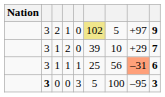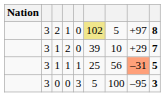 <table class="wikitable" style="text-align: center;">
 <tr>
 <th>Nation</th>
 <th></th>
 <th></th>
 <th></th>
 <th></th>
 <th></th>
 <th></th>
 <th></th>
 <th></th>
 </tr>
 <tr>
 <td align="left"></td>
 <td>3</td>
 <td>2</td>
 <td>1</td>
 <td>0</td>
 <td style="background: khaki;">102</td>
 <td>5</td>
 <td>+97</td>
-<td><strong>9</strong></td>
+<td><strong>8</strong></td>
 </tr>
 <tr>
 <td align="left"></td>
 <td>3</td>
 <td>1</td>
 <td>2</td>
 <td>0</td>
 <td>39</td>
 <td>10</td>
 <td>+29</td>
 <td><strong>7</strong></td>
 </tr>
 <tr>
 <td align="left"></td>
 <td>3</td>
 <td>1</td>
 <td>1</td>
 <td>1</td>
 <td>25</td>
 <td>56</td>
 <td style="background: lightsalmon;">–31</td>
-<td><strong>6</strong></td>
+<td><strong>5</strong></td>
 </tr>
 <tr>
 <td align="left"></td>
-<td><strong>3</strong></td>
+<td>3</td>
 <td>0</td>
 <td>0</td>
 <td>3</td>
 <td>5</td>
 <td>100</td>
 <td>–95</td>
 <td><strong>3</strong></td>
 </tr>
 </table>
